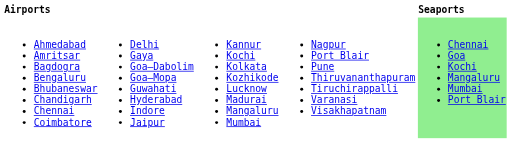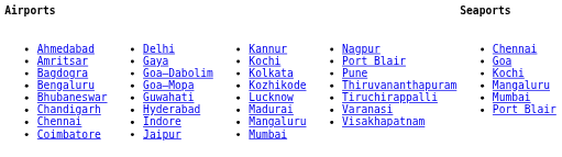 <table>
 <tr>
 <td colspan=4><strong>Airports</strong></td>
 <td><strong>Seaports</strong></td>
 </tr>
 <tr>
 <td><br><ul><li><a href='#'>Ahmedabad</a></li><li><a href='#'>Amritsar</a></li><li><a href='#'>Bagdogra</a></li><li><a href='#'>Bengaluru</a></li><li><a href='#'>Bhubaneswar</a></li><li><a href='#'>Chandigarh</a></li><li><a href='#'>Chennai</a></li><li><a href='#'>Coimbatore</a></li></ul></td>
 <td valign="top"><br><ul><li><a href='#'>Delhi</a></li><li><a href='#'>Gaya</a></li><li><a href='#'>Goa–Dabolim</a></li><li><a href='#'>Goa–Mopa</a></li><li><a href='#'>Guwahati</a></li><li><a href='#'>Hyderabad</a></li><li><a href='#'>Indore</a></li><li><a href='#'>Jaipur</a></li></ul></td>
 <td valign="top"><br><ul><li><a href='#'>Kannur</a></li><li><a href='#'>Kochi</a></li><li><a href='#'>Kolkata</a></li><li><a href='#'>Kozhikode</a></li><li><a href='#'>Lucknow</a></li><li><a href='#'>Madurai</a></li><li><a href='#'>Mangaluru</a></li><li><a href='#'>Mumbai</a></li></ul></td>
 <td valign="top"><br><ul><li><a href='#'>Nagpur</a></li><li><a href='#'>Port Blair</a></li><li><a href='#'>Pune</a></li><li><a href='#'>Thiruvananthapuram</a></li><li><a href='#'>Tiruchirappalli</a></li><li><a href='#'>Varanasi</a></li><li><a href='#'>Visakhapatnam</a></li></ul></td>
-<td valign="top" style="background: lightgreen;"><br><ul><li><a href='#'>Chennai</a></li><li><a href='#'>Goa</a></li><li><a href='#'>Kochi</a></li><li><a href='#'>Mangaluru</a></li><li><a href='#'>Mumbai</a></li><li><a href='#'>Port Blair</a></li></ul></td>
+<td valign="top"><br><ul><li><a href='#'>Chennai</a></li><li><a href='#'>Goa</a></li><li><a href='#'>Kochi</a></li><li><a href='#'>Mangaluru</a></li><li><a href='#'>Mumbai</a></li><li><a href='#'>Port Blair</a></li></ul></td>
 </tr>
 </table>
